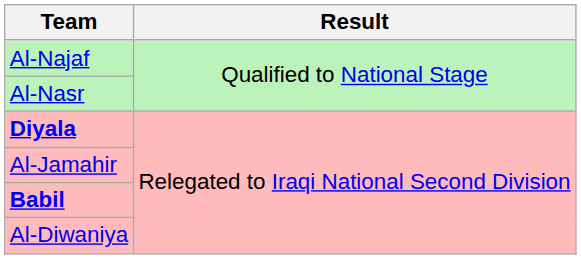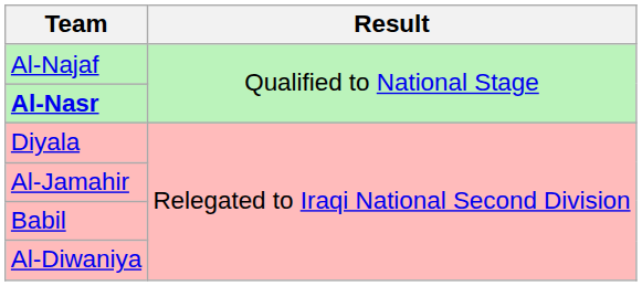 <table class="wikitable" style="text-align: center;">
 <tr>
 <th>Team</th>
 <th>Result</th>
 </tr>
 <tr>
 <td style="background:#BBF3BB; text-align: left"><a href='#'>Al-Najaf</a></td>
 <td style="background:#BBF3BB;" rowspan=2>Qualified to <a href='#'>National Stage</a></td>
 </tr>
 <tr>
-<td style="background:#BBF3BB; text-align: left"><a href='#'>Al-Nasr</a></td>
+<td style="background:#BBF3BB; text-align: left"><strong><a href='#'>Al-Nasr</a></strong></td>
 </tr>
 <tr>
-<td style="background:#FFBBBB; text-align: left"><strong><a href='#'>Diyala</a></strong></td>
+<td style="background:#FFBBBB; text-align: left"><a href='#'>Diyala</a></td>
 <td style="background:#FFBBBB;" rowspan=4>Relegated to <a href='#'>Iraqi National Second Division</a></td>
 </tr>
 <tr>
 <td style="background:#FFBBBB; text-align: left"><a href='#'>Al-Jamahir</a></td>
 </tr>
 <tr>
-<td style="background:#FFBBBB; text-align: left"><strong><a href='#'>Babil</a></strong></td>
+<td style="background:#FFBBBB; text-align: left"><a href='#'>Babil</a></td>
 </tr>
 <tr>
 <td style="background:#FFBBBB; text-align: left"><a href='#'>Al-Diwaniya</a></td>
 </tr>
 </table>
